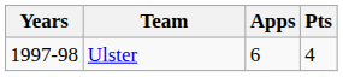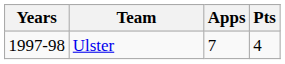 <table class="wikitable" style="text-align:left;">
 <tr>
 <th>Years</th>
 <th width=120px>Team</th>
 <th>Apps</th>
 <th>Pts</th>
 </tr>
 <tr>
 <td>1997-98</td>
 <td><a href='#'>Ulster</a></td>
-<td>6</td>
+<td>7</td>
 <td>4</td>
 </tr>
 </table>
